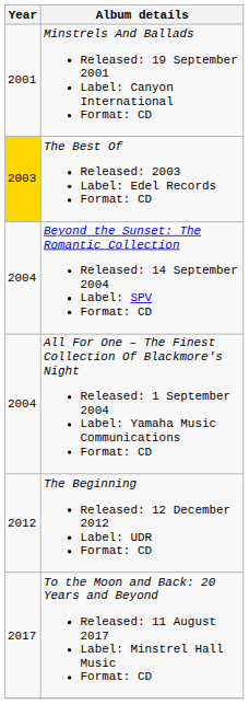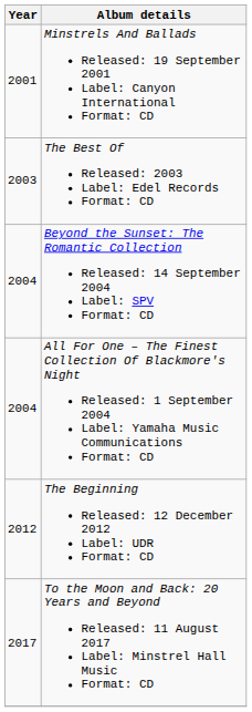 <table class="wikitable">
 <tr>
 <th width="33">Year</th>
 <th width="215">Album details</th>
 </tr>
 <tr>
 <td>2001</td>
 <td><em>Minstrels And Ballads</em><br><ul><li>Released: 19 September 2001</li><li>Label: Canyon International</li><li>Format: CD</li></ul></td>
 </tr>
 <tr>
-<td style="background: gold;">2003</td>
+<td>2003</td>
 <td><em>The Best Of</em><br><ul><li>Released: 2003</li><li>Label: Edel Records</li><li>Format: CD</li></ul></td>
 </tr>
 <tr>
 <td>2004</td>
 <td><em><a href='#'>Beyond the Sunset: The Romantic Collection</a></em><br><ul><li>Released: 14 September 2004</li><li>Label: <a href='#'>SPV</a></li><li>Format: CD</li></ul></td>
 </tr>
 <tr>
 <td>2004</td>
 <td><em>All For One – The Finest Collection Of Blackmore's Night</em><br><ul><li>Released: 1 September 2004</li><li>Label: Yamaha Music Communications</li><li>Format: CD</li></ul></td>
 </tr>
 <tr>
 <td>2012</td>
 <td><em>The Beginning</em><br><ul><li>Released: 12 December 2012</li><li>Label: UDR</li><li>Format: CD</li></ul></td>
 </tr>
 <tr>
 <td>2017</td>
 <td><em>To the Moon and Back: 20 Years and Beyond</em><br><ul><li>Released: 11 August 2017</li><li>Label: Minstrel Hall Music</li><li>Format: CD</li></ul></td>
 </tr>
 <tr>
 </tr>
 </table>
